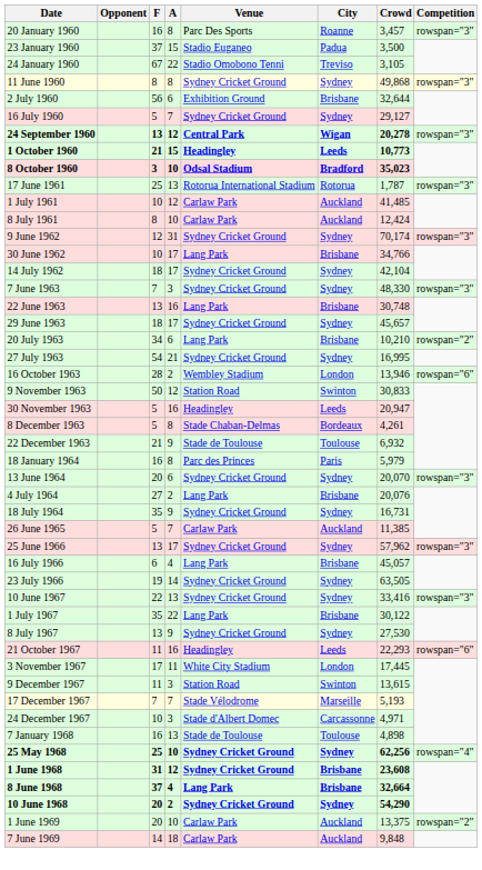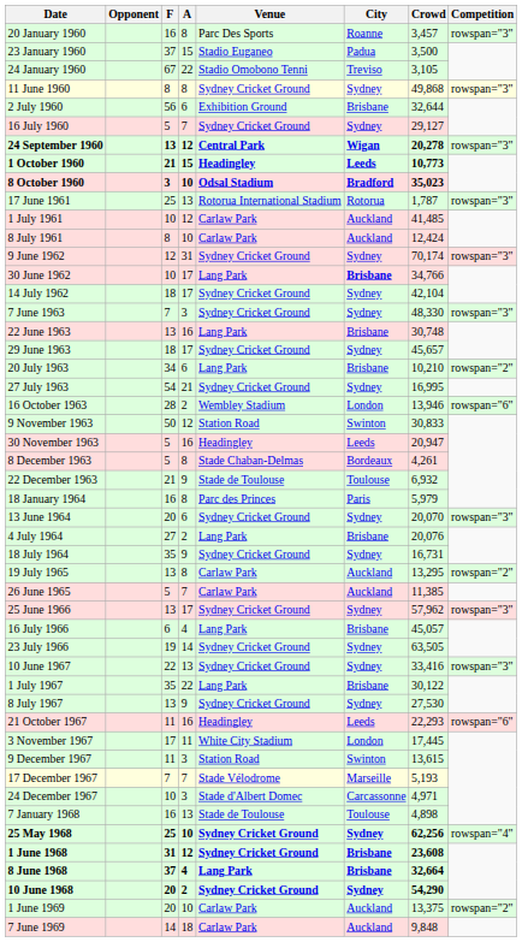 <table class="wikitable sortable">
 <tr>
 <th>Date</th>
 <th>Opponent</th>
 <th>F</th>
 <th>A</th>
 <th>Venue</th>
 <th>City</th>
 <th>Crowd</th>
 <th>Competition</th>
 </tr>
 <tr style="background:#ddffdd;">
 <td>20 January 1960</td>
 <td></td>
 <td>16</td>
 <td>8</td>
 <td>Parc Des Sports</td>
 <td><a href='#'>Roanne</a></td>
 <td>3,457</td>
 <td>rowspan="3"</td>
 </tr>
 <tr style="background:#ddffdd;">
 <td>23 January 1960</td>
 <td></td>
 <td>37</td>
 <td>15</td>
 <td><a href='#'>Stadio Euganeo</a></td>
 <td><a href='#'>Padua</a></td>
 <td>3,500</td>
 </tr>
 <tr style="background:#ddffdd;">
 <td>24 January 1960</td>
 <td></td>
 <td>67</td>
 <td>22</td>
 <td><a href='#'>Stadio Omobono Tenni</a></td>
 <td><a href='#'>Treviso</a></td>
 <td>3,105</td>
 </tr>
 <tr style="background:#ffffdd;">
 <td>11 June 1960</td>
 <td></td>
 <td>8</td>
 <td>8</td>
 <td><a href='#'>Sydney Cricket Ground</a></td>
 <td><a href='#'>Sydney</a></td>
 <td>49,868</td>
 <td>rowspan="3"</td>
 </tr>
 <tr style="background:#ddffdd;">
 <td>2 July 1960</td>
 <td></td>
 <td>56</td>
 <td>6</td>
 <td><a href='#'>Exhibition Ground</a></td>
 <td><a href='#'>Brisbane</a></td>
 <td>32,644</td>
 </tr>
 <tr style="background:#ffdddd;">
 <td>16 July 1960</td>
 <td></td>
 <td>5</td>
 <td>7</td>
 <td><a href='#'>Sydney Cricket Ground</a></td>
 <td><a href='#'>Sydney</a></td>
 <td>29,127</td>
 </tr>
 <tr style="background:#ddffdd;">
 <td><strong>24 September</strong> <strong>1960</strong></td>
 <td><strong></strong></td>
 <td><strong>13</strong></td>
 <td><strong>12</strong></td>
 <td><strong><a href='#'>Central Park</a></strong></td>
 <td><strong><a href='#'>Wigan</a></strong></td>
 <td><strong>20,278</strong></td>
 <td>rowspan="3"</td>
 </tr>
 <tr style="background:#ddffdd;">
 <td><strong>1 October</strong> <strong>1960</strong></td>
 <td><strong></strong></td>
 <td><strong>21</strong></td>
 <td><strong>15</strong></td>
 <td><strong><a href='#'>Headingley</a></strong></td>
 <td><strong><a href='#'>Leeds</a></strong></td>
 <td><strong>10,773</strong></td>
 </tr>
 <tr style="background:#ffdddd;">
 <td><strong>8 October</strong> <strong>1960</strong></td>
 <td><strong></strong></td>
 <td><strong>3</strong></td>
 <td><strong>10</strong></td>
 <td><strong><a href='#'>Odsal Stadium</a></strong></td>
 <td><strong><a href='#'>Bradford</a></strong></td>
 <td><strong>35,023</strong></td>
 </tr>
 <tr style="background:#ddffdd;">
 <td>17 June 1961</td>
 <td></td>
 <td>25</td>
 <td>13</td>
 <td><a href='#'>Rotorua International Stadium</a></td>
 <td><a href='#'>Rotorua</a></td>
 <td>1,787</td>
 <td>rowspan="3"</td>
 </tr>
 <tr style="background:#ffdddd;">
 <td>1 July 1961</td>
 <td></td>
 <td>10</td>
 <td>12</td>
 <td><a href='#'>Carlaw Park</a></td>
 <td><a href='#'>Auckland</a></td>
 <td>41,485</td>
 </tr>
 <tr style="background:#ffdddd;">
 <td>8 July 1961</td>
 <td></td>
 <td>8</td>
 <td>10</td>
 <td><a href='#'>Carlaw Park</a></td>
 <td><a href='#'>Auckland</a></td>
 <td>12,424</td>
 </tr>
 <tr style="background:#ffdddd;">
 <td>9 June 1962</td>
 <td></td>
 <td>12</td>
 <td>31</td>
 <td><a href='#'>Sydney Cricket Ground</a></td>
 <td><a href='#'>Sydney</a></td>
 <td>70,174</td>
 <td>rowspan="3"</td>
 </tr>
 <tr style="background:#ffdddd;">
 <td>30 June 1962</td>
 <td></td>
 <td>10</td>
 <td>17</td>
 <td><a href='#'>Lang Park</a></td>
-<td><a href='#'>Brisbane</a></td>
+<td><strong><a href='#'>Brisbane</a></strong></td>
 <td>34,766</td>
 </tr>
 <tr style="background:#ddffdd;">
 <td>14 July 1962</td>
 <td></td>
 <td>18</td>
 <td>17</td>
 <td><a href='#'>Sydney Cricket Ground</a></td>
 <td><a href='#'>Sydney</a></td>
 <td>42,104</td>
 </tr>
 <tr style="background:#ddffdd;">
 <td>7 June 1963</td>
 <td></td>
 <td>7</td>
 <td>3</td>
 <td><a href='#'>Sydney Cricket Ground</a></td>
 <td><a href='#'>Sydney</a></td>
 <td>48,330</td>
 <td>rowspan="3"</td>
 </tr>
 <tr style="background:#ffdddd;">
 <td>22 June 1963</td>
 <td></td>
 <td>13</td>
 <td>16</td>
 <td><a href='#'>Lang Park</a></td>
 <td><a href='#'>Brisbane</a></td>
 <td>30,748</td>
 </tr>
 <tr style="background:#ddffdd;">
 <td>29 June 1963</td>
 <td></td>
 <td>18</td>
 <td>17</td>
 <td><a href='#'>Sydney Cricket Ground</a></td>
 <td><a href='#'>Sydney</a></td>
 <td>45,657</td>
 </tr>
 <tr style="background:#ddffdd;">
 <td>20 July 1963</td>
 <td></td>
 <td>34</td>
 <td>6</td>
 <td><a href='#'>Lang Park</a></td>
 <td><a href='#'>Brisbane</a></td>
 <td>10,210</td>
 <td>rowspan="2"</td>
 </tr>
 <tr style="background:#ddffdd;">
 <td>27 July 1963</td>
 <td></td>
 <td>54</td>
 <td>21</td>
 <td><a href='#'>Sydney Cricket Ground</a></td>
 <td><a href='#'>Sydney</a></td>
 <td>16,995</td>
 </tr>
 <tr style="background:#ddffdd;">
 <td>16 October 1963</td>
 <td></td>
 <td>28</td>
 <td>2</td>
 <td><a href='#'>Wembley Stadium</a></td>
 <td><a href='#'>London</a></td>
 <td>13,946</td>
 <td>rowspan="6"</td>
 </tr>
 <tr style="background:#ddffdd;">
 <td>9 November 1963</td>
 <td></td>
 <td>50</td>
 <td>12</td>
 <td><a href='#'>Station Road</a></td>
 <td><a href='#'>Swinton</a></td>
 <td>30,833</td>
 </tr>
 <tr style="background:#ffdddd;">
 <td>30 November 1963</td>
 <td></td>
 <td>5</td>
 <td>16</td>
 <td><a href='#'>Headingley</a></td>
 <td><a href='#'>Leeds</a></td>
 <td>20,947</td>
 </tr>
 <tr style="background:#ffdddd;">
 <td>8 December 1963</td>
 <td></td>
 <td>5</td>
 <td>8</td>
 <td><a href='#'>Stade Chaban-Delmas</a></td>
 <td><a href='#'>Bordeaux</a></td>
 <td>4,261</td>
 </tr>
 <tr style="background:#ddffdd;">
 <td>22 December 1963</td>
 <td></td>
 <td>21</td>
 <td>9</td>
 <td><a href='#'>Stade de Toulouse</a></td>
 <td><a href='#'>Toulouse</a></td>
 <td>6,932</td>
 </tr>
 <tr style="background:#ddffdd;">
 <td>18 January 1964</td>
 <td></td>
 <td>16</td>
 <td>8</td>
 <td><a href='#'>Parc des Princes</a></td>
 <td><a href='#'>Paris</a></td>
 <td>5,979</td>
 </tr>
 <tr style="background:#ddffdd;">
 <td>13 June 1964</td>
 <td></td>
 <td>20</td>
 <td>6</td>
 <td><a href='#'>Sydney Cricket Ground</a></td>
 <td><a href='#'>Sydney</a></td>
 <td>20,070</td>
 <td>rowspan="3"</td>
 </tr>
 <tr style="background:#ddffdd;">
 <td>4 July 1964</td>
 <td></td>
 <td>27</td>
 <td>2</td>
 <td><a href='#'>Lang Park</a></td>
 <td><a href='#'>Brisbane</a></td>
 <td>20,076</td>
 </tr>
 <tr style="background:#ddffdd;">
 <td>18 July 1964</td>
 <td></td>
 <td>35</td>
 <td>9</td>
 <td><a href='#'>Sydney Cricket Ground</a></td>
 <td><a href='#'>Sydney</a></td>
 <td>16,731</td>
+</tr>
+<tr style="background:#ddffdd;">
+<td>19 July 1965</td>
+<td></td>
+<td>13</td>
+<td>8</td>
+<td><a href='#'>Carlaw Park</a></td>
+<td><a href='#'>Auckland</a></td>
+<td>13,295</td>
+<td>rowspan="2"</td>
 </tr>
 <tr style="background:#ffdddd;">
 <td>26 June 1965</td>
 <td></td>
 <td>5</td>
 <td>7</td>
 <td><a href='#'>Carlaw Park</a></td>
 <td><a href='#'>Auckland</a></td>
 <td>11,385</td>
 </tr>
 <tr style="background:#ffdddd;">
 <td>25 June 1966</td>
 <td></td>
 <td>13</td>
 <td>17</td>
 <td><a href='#'>Sydney Cricket Ground</a></td>
 <td><a href='#'>Sydney</a></td>
 <td>57,962</td>
 <td>rowspan="3"</td>
 </tr>
 <tr style="background:#ddffdd;">
 <td>16 July 1966</td>
 <td></td>
 <td>6</td>
 <td>4</td>
 <td><a href='#'>Lang Park</a></td>
 <td><a href='#'>Brisbane</a></td>
 <td>45,057</td>
 </tr>
 <tr style="background:#ddffdd;">
 <td>23 July 1966</td>
 <td></td>
 <td>19</td>
 <td>14</td>
 <td><a href='#'>Sydney Cricket Ground</a></td>
 <td><a href='#'>Sydney</a></td>
 <td>63,505</td>
 </tr>
 <tr style="background:#ddffdd;">
 <td>10 June 1967</td>
 <td></td>
 <td>22</td>
 <td>13</td>
 <td><a href='#'>Sydney Cricket Ground</a></td>
 <td><a href='#'>Sydney</a></td>
 <td>33,416</td>
 <td>rowspan="3"</td>
 </tr>
 <tr style="background:#ddffdd;">
 <td>1 July 1967</td>
 <td></td>
 <td>35</td>
 <td>22</td>
 <td><a href='#'>Lang Park</a></td>
 <td><a href='#'>Brisbane</a></td>
 <td>30,122</td>
 </tr>
 <tr style="background:#ddffdd;">
 <td>8 July 1967</td>
 <td></td>
 <td>13</td>
 <td>9</td>
 <td><a href='#'>Sydney Cricket Ground</a></td>
 <td><a href='#'>Sydney</a></td>
 <td>27,530</td>
 </tr>
 <tr style="background:#ffdddd;">
 <td>21 October 1967</td>
 <td></td>
 <td>11</td>
 <td>16</td>
 <td><a href='#'>Headingley</a></td>
 <td><a href='#'>Leeds</a></td>
 <td>22,293</td>
 <td>rowspan="6"</td>
 </tr>
 <tr style="background:#ddffdd;">
 <td>3 November 1967</td>
 <td></td>
 <td>17</td>
 <td>11</td>
 <td><a href='#'>White City Stadium</a></td>
 <td><a href='#'>London</a></td>
 <td>17,445</td>
 </tr>
 <tr style="background:#ddffdd;">
 <td>9 December 1967</td>
 <td></td>
 <td>11</td>
 <td>3</td>
 <td><a href='#'>Station Road</a></td>
 <td><a href='#'>Swinton</a></td>
 <td>13,615</td>
 </tr>
 <tr style="background:#ffffdd;">
 <td>17 December 1967</td>
 <td></td>
 <td>7</td>
 <td>7</td>
 <td><a href='#'>Stade Vélodrome</a></td>
 <td><a href='#'>Marseille</a></td>
 <td>5,193</td>
 </tr>
 <tr style="background:#ddffdd;">
 <td>24 December 1967</td>
 <td></td>
 <td>10</td>
 <td>3</td>
 <td><a href='#'>Stade d'Albert Domec</a></td>
 <td><a href='#'>Carcassonne</a></td>
 <td>4,971</td>
 </tr>
 <tr style="background:#ddffdd;">
 <td>7 January 1968</td>
 <td></td>
 <td>16</td>
 <td>13</td>
 <td><a href='#'>Stade de Toulouse</a></td>
 <td><a href='#'>Toulouse</a></td>
 <td>4,898</td>
 </tr>
 <tr style="background:#ddffdd;">
 <td><strong>25 May</strong> <strong>1968</strong></td>
 <td><strong></strong></td>
 <td><strong>25</strong></td>
 <td><strong>10</strong></td>
 <td><strong><a href='#'>Sydney Cricket Ground</a></strong></td>
 <td><strong><a href='#'>Sydney</a></strong></td>
 <td><strong>62,256</strong></td>
 <td>rowspan="4"</td>
 </tr>
 <tr style="background:#ddffdd;">
 <td><strong>1 June</strong> <strong>1968</strong></td>
 <td><strong></strong></td>
 <td><strong>31</strong></td>
 <td><strong>12</strong></td>
 <td><strong><a href='#'>Sydney Cricket Ground</a></strong></td>
 <td><strong><a href='#'>Brisbane</a></strong></td>
 <td><strong>23,608</strong></td>
 </tr>
 <tr style="background:#ddffdd;">
 <td><strong>8 June</strong> <strong>1968</strong></td>
 <td><strong></strong></td>
 <td><strong>37</strong></td>
 <td><strong>4</strong></td>
 <td><strong><a href='#'>Lang Park</a></strong></td>
 <td><strong><a href='#'>Brisbane</a></strong></td>
 <td><strong>32,664</strong></td>
 </tr>
 <tr style="background:#ddffdd;">
 <td><strong>10 June</strong> <strong>1968</strong></td>
 <td><strong></strong></td>
 <td><strong>20</strong></td>
 <td><strong>2</strong></td>
 <td><strong><a href='#'>Sydney Cricket Ground</a></strong></td>
 <td><strong><a href='#'>Sydney</a></strong></td>
 <td><strong>54,290</strong></td>
 </tr>
 <tr style="background:#ddffdd;">
 <td>1 June 1969</td>
 <td></td>
 <td>20</td>
 <td>10</td>
 <td><a href='#'>Carlaw Park</a></td>
 <td><a href='#'>Auckland</a></td>
 <td>13,375</td>
 <td>rowspan="2"</td>
 </tr>
 <tr style="background:#ffdddd;">
 <td>7 June 1969</td>
 <td></td>
 <td>14</td>
 <td>18</td>
 <td><a href='#'>Carlaw Park</a></td>
 <td><a href='#'>Auckland</a></td>
 <td>9,848</td>
 </tr>
 </table>
